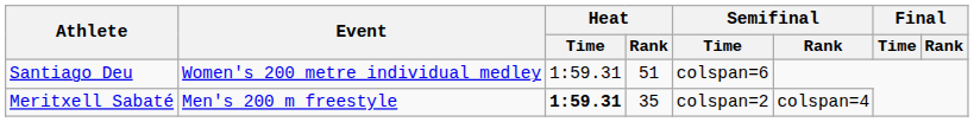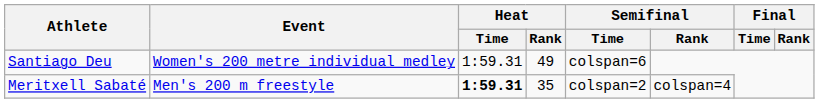 <table class=wikitable style=font-size:90%;text-align:center>
 <tr>
 <th rowspan=2>Athlete</th>
 <th rowspan=2>Event</th>
 <th colspan=2>Heat</th>
 <th colspan=2>Semifinal</th>
 <th colspan=2>Final</th>
 </tr>
 <tr style=font-size:95%>
 <th>Time</th>
 <th>Rank</th>
 <th>Time</th>
 <th>Rank</th>
 <th>Time</th>
 <th>Rank</th>
 </tr>
 <tr>
 <td align=left><a href='#'>Santiago Deu</a></td>
 <td align=left><a href='#'>Women's 200 metre individual medley</a></td>
 <td>1:59.31</td>
-<td>51</td>
+<td>49</td>
 <td>colspan=6 </td>
 </tr>
 <tr>
 <td align=left><a href='#'>Meritxell Sabaté</a></td>
 <td align=left><a href='#'>Men's 200 m freestyle</a></td>
 <td><strong>1:59.31</strong></td>
 <td>35</td>
 <td>colspan=2 </td>
 <td>colspan=4 </td>
 </tr>
 </table>
